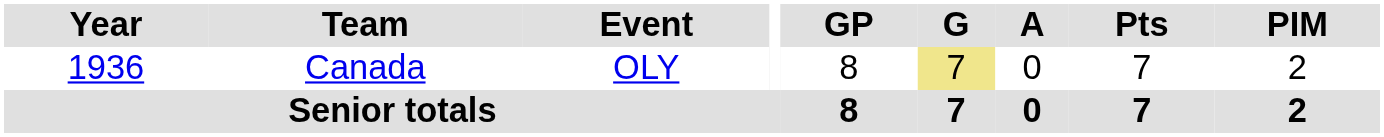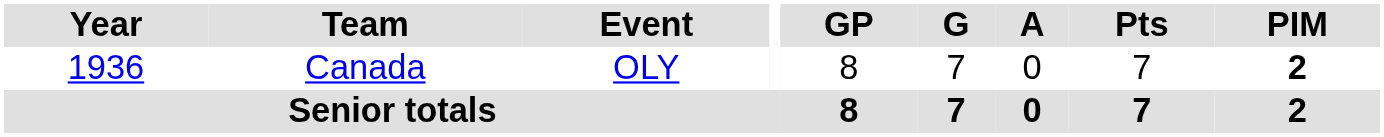 <table border="0" cellpadding="1" cellspacing="0" ID="Table3" style="text-align:center; width:40em">
 <tr bgcolor="#e0e0e0">
 <th>Year</th>
 <th>Team</th>
 <th>Event</th>
 <th rowspan="102" bgcolor="#ffffff"></th>
 <th>GP</th>
 <th>G</th>
 <th>A</th>
 <th>Pts</th>
 <th>PIM</th>
 </tr>
 <tr>
 <td><a href='#'>1936</a></td>
 <td><a href='#'>Canada</a></td>
 <td><a href='#'>OLY</a></td>
 <td>8</td>
-<td style="background: khaki;">7</td>
+<td>7</td>
 <td>0</td>
 <td>7</td>
-<td>2</td>
+<td><strong>2</strong></td>
 </tr>
 <tr bgcolor="#e0e0e0">
 <th colspan="4">Senior totals</th>
 <th>8</th>
 <th>7</th>
 <th>0</th>
 <th>7</th>
 <th>2</th>
 </tr>
 </table>
